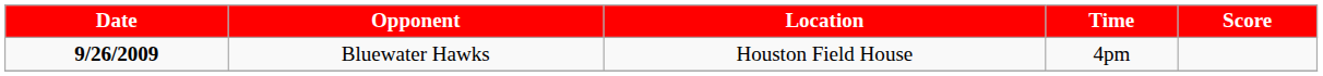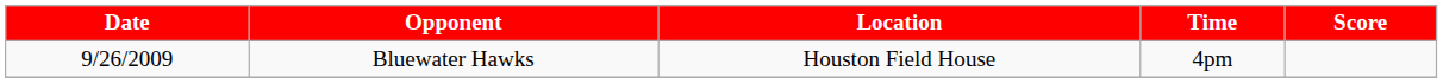 <table class="wikitable" width="80%">
 <tr align="center"  style="background:red;color:white;">
 <td><strong>Date</strong></td>
 <td><strong>Opponent</strong></td>
 <td><strong>Location</strong></td>
 <td><strong>Time</strong></td>
 <td><strong>Score</strong></td>
 </tr>
 <tr align="center" bgcolor="">
-<td><strong>9/26/2009</strong></td>
+<td>9/26/2009</td>
 <td>Bluewater Hawks</td>
 <td>Houston Field House</td>
 <td>4pm</td>
 <td></td>
 </tr>
 <tr align="center" bgcolor="">
 </tr>
 </table>
